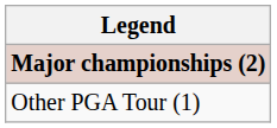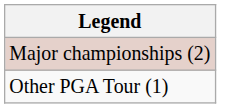 <table class="wikitable" style="font-size:95%;">
 <tr>
 <th>Legend</th>
 </tr>
 <tr style="background:#e5d1cb;">
-<td><strong>Major championships (2)</strong></td>
+<td>Major championships (2)</td>
 </tr>
 <tr>
 <td>Other PGA Tour (1)</td>
 </tr>
 </table>
